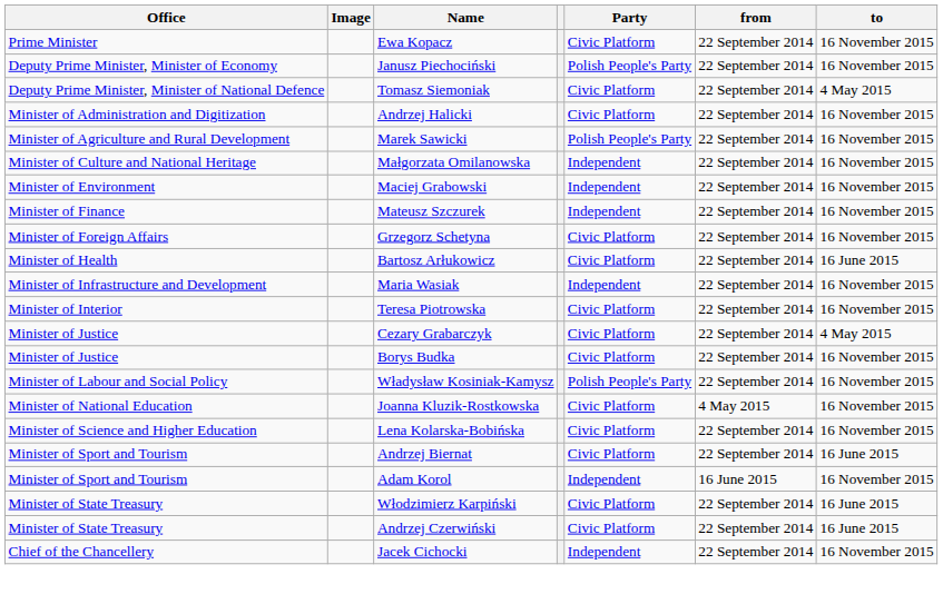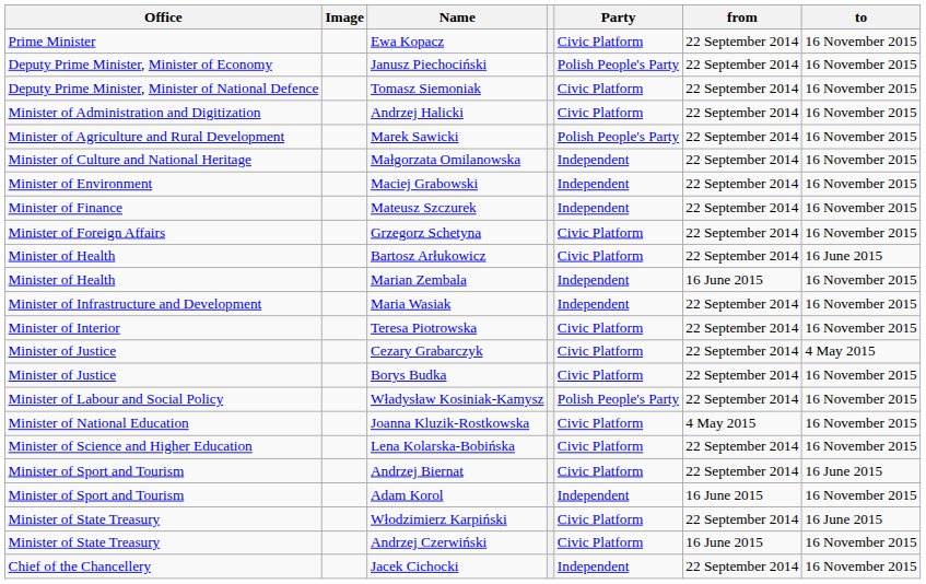 <table class="wikitable" style="font-size: 90%;">
 <tr>
 <th>Office</th>
 <th>Image</th>
 <th>Name</th>
 <th></th>
 <th>Party</th>
 <th>from</th>
 <th>to</th>
 </tr>
 <tr>
 <td><a href='#'>Prime Minister</a></td>
 <td></td>
 <td><a href='#'>Ewa Kopacz</a></td>
 <th style="background:"></th>
 <td><a href='#'>Civic Platform</a></td>
 <td>22 September 2014</td>
 <td>16 November 2015</td>
 </tr>
 <tr>
 <td><a href='#'>Deputy Prime Minister</a>, <a href='#'>Minister of Economy</a></td>
 <td></td>
 <td><a href='#'>Janusz Piechociński</a></td>
 <th style="background:"></th>
 <td><a href='#'>Polish People's Party</a></td>
 <td>22 September  2014</td>
 <td>16 November 2015</td>
 </tr>
 <tr>
 <td><a href='#'>Deputy Prime Minister</a>, <a href='#'>Minister of National Defence</a></td>
 <td></td>
 <td><a href='#'>Tomasz Siemoniak</a></td>
 <th style="background:"></th>
 <td><a href='#'>Civic Platform</a></td>
 <td>22 September 2014</td>
-<td>4 May 2015</td>
+<td>16 November 2015</td>
 </tr>
 <tr>
 <td><a href='#'>Minister of Administration and Digitization</a></td>
 <td></td>
 <td><a href='#'>Andrzej Halicki</a></td>
 <th style="background:"></th>
 <td><a href='#'>Civic Platform</a></td>
 <td>22 September 2014</td>
 <td>16 November 2015</td>
 </tr>
 <tr>
 <td><a href='#'>Minister of Agriculture and Rural Development</a></td>
 <td></td>
 <td><a href='#'>Marek Sawicki</a></td>
 <th style="background:"></th>
 <td><a href='#'>Polish People's Party</a></td>
 <td>22 September  2014</td>
 <td>16 November 2015</td>
 </tr>
 <tr>
 <td><a href='#'>Minister of Culture and National Heritage</a></td>
 <td></td>
 <td><a href='#'>Małgorzata Omilanowska</a></td>
 <th style="background:"></th>
 <td><a href='#'>Independent</a></td>
 <td>22 September 2014</td>
 <td>16 November 2015</td>
 </tr>
 <tr>
 <td><a href='#'>Minister of Environment</a></td>
 <td></td>
 <td><a href='#'>Maciej Grabowski</a></td>
 <th style="background:"></th>
 <td><a href='#'>Independent</a></td>
 <td>22 September 2014</td>
 <td>16 November 2015</td>
 </tr>
 <tr>
 <td><a href='#'>Minister of Finance</a></td>
 <td></td>
 <td><a href='#'>Mateusz Szczurek</a></td>
 <th style="background:"></th>
 <td><a href='#'>Independent</a></td>
 <td>22 September 2014</td>
 <td>16 November 2015</td>
 </tr>
 <tr>
 <td><a href='#'>Minister of Foreign Affairs</a></td>
 <td></td>
 <td><a href='#'>Grzegorz Schetyna</a></td>
 <th style="background:"></th>
 <td><a href='#'>Civic Platform</a></td>
 <td>22 September 2014</td>
 <td>16 November 2015</td>
 </tr>
 <tr>
 <td><a href='#'>Minister of Health</a></td>
 <td></td>
 <td><a href='#'>Bartosz Arłukowicz</a></td>
 <th style="background:"></th>
 <td><a href='#'>Civic Platform</a></td>
 <td>22 September 2014</td>
 <td>16  June 2015</td>
+</tr>
+<tr>
+<td><a href='#'>Minister of Health</a></td>
+<td></td>
+<td><a href='#'>Marian Zembala</a></td>
+<th style="background:"></th>
+<td><a href='#'>Independent</a></td>
+<td>16 June 2015</td>
+<td>16 November 2015</td>
 </tr>
 <tr>
 <td><a href='#'>Minister of Infrastructure and Development</a></td>
 <td></td>
 <td><a href='#'>Maria Wasiak</a></td>
 <th style="background:"></th>
 <td><a href='#'>Independent</a></td>
 <td>22 September 2014</td>
 <td>16 November 2015</td>
 </tr>
 <tr>
 <td><a href='#'>Minister of Interior</a></td>
 <td></td>
 <td><a href='#'>Teresa Piotrowska</a></td>
 <th style="background:"></th>
 <td><a href='#'>Civic Platform</a></td>
 <td>22 September 2014</td>
 <td>16 November 2015</td>
 </tr>
 <tr>
 <td><a href='#'>Minister of Justice</a></td>
 <td></td>
 <td><a href='#'>Cezary Grabarczyk</a></td>
 <th style="background:"></th>
 <td><a href='#'>Civic Platform</a></td>
 <td>22 September 2014</td>
 <td>4 May 2015</td>
 </tr>
 <tr>
 <td><a href='#'>Minister of Justice</a></td>
 <td></td>
 <td><a href='#'>Borys Budka</a></td>
 <th style="background:"></th>
 <td><a href='#'>Civic Platform</a></td>
 <td>22 September 2014</td>
 <td>16 November 2015</td>
 </tr>
 <tr>
 <td><a href='#'>Minister of Labour and Social Policy</a></td>
 <td></td>
 <td><a href='#'>Władysław Kosiniak-Kamysz</a></td>
 <th style="background:"></th>
 <td><a href='#'>Polish People's Party</a></td>
 <td>22 September 2014</td>
 <td>16 November 2015</td>
 </tr>
 <tr>
 <td><a href='#'>Minister of National Education</a></td>
 <td></td>
 <td><a href='#'>Joanna Kluzik-Rostkowska</a></td>
 <th style="background:"></th>
 <td><a href='#'>Civic Platform</a></td>
 <td>4 May 2015</td>
 <td>16 November 2015</td>
 </tr>
 <tr>
 <td><a href='#'>Minister of Science and Higher Education</a></td>
 <td></td>
 <td><a href='#'>Lena Kolarska-Bobińska</a></td>
 <th style="background:"></th>
 <td><a href='#'>Civic Platform</a></td>
 <td>22 September 2014</td>
 <td>16 November 2015</td>
 </tr>
 <tr>
 <td><a href='#'>Minister of Sport and Tourism</a></td>
 <td></td>
 <td><a href='#'>Andrzej Biernat</a></td>
 <th style="background:"></th>
 <td><a href='#'>Civic Platform</a></td>
 <td>22 September 2014</td>
 <td>16 June 2015</td>
 </tr>
 <tr>
 <td><a href='#'>Minister of Sport and Tourism</a></td>
 <td></td>
 <td><a href='#'>Adam Korol</a></td>
 <th style="background:"></th>
 <td><a href='#'>Independent</a></td>
 <td>16 June 2015</td>
 <td>16 November 2015</td>
 </tr>
 <tr>
 <td><a href='#'>Minister of State Treasury</a></td>
 <td></td>
 <td><a href='#'>Włodzimierz Karpiński</a></td>
 <th style="background:"></th>
 <td><a href='#'>Civic Platform</a></td>
 <td>22 September 2014</td>
 <td>16 June 2015</td>
 </tr>
 <tr>
 <td><a href='#'>Minister of State Treasury</a></td>
 <td></td>
 <td><a href='#'>Andrzej Czerwiński</a></td>
 <th style="background:"></th>
 <td><a href='#'>Civic Platform</a></td>
-<td>22 September 2014</td>
-<td>16  June 2015</td>
+<td>16 June 2015</td>
+<td>16 November 2015</td>
 </tr>
 <tr>
 <td><a href='#'>Chief of the Chancellery</a></td>
 <td></td>
 <td><a href='#'>Jacek Cichocki</a></td>
 <th style="background:"></th>
 <td><a href='#'>Independent</a></td>
 <td>22 September 2014</td>
 <td>16 November 2015</td>
 </tr>
 </table>
